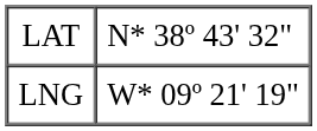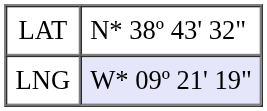 <table cellspacing="0" cellpadding="5" border="1">
 <tr>
 <td rowspan="1" align="center">LAT</td>
 <td>N*   38º 43' 32"</td>
 </tr>
 <tr>
 <td rowspan="1" align="center">LNG</td>
-<td>W*   09º 21' 19"</td>
+<td style="background: lavender;">W*   09º 21' 19"</td>
 </tr>
 </table>
